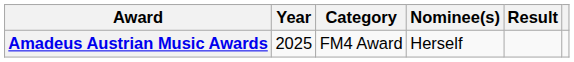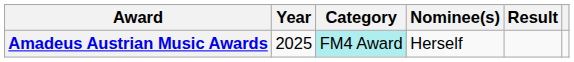 <table class="wikitable plainrowheaders" style="text-align:left;">
 <tr>
 <th scope="col">Award</th>
 <th scope="col">Year</th>
 <th scope="col">Category</th>
 <th scope="col">Nominee(s)</th>
 <th scope="col">Result</th>
 <th scope="col"></th>
 </tr>
 <tr>
 <th scope="row"><a href='#'>Amadeus Austrian Music Awards</a></th>
 <td align="center" rowspan="3">2025</td>
-<td>FM4 Award</td>
+<td style="background: paleturquoise;">FM4 Award</td>
 <td rowspan="6">Herself</td>
 <td></td>
 <td align="center"></td>
 </tr>
 </table>
